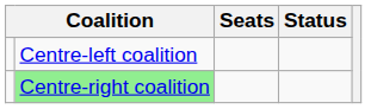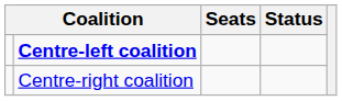 <table class=wikitable>
 <tr>
 <th colspan=2>Coalition</th>
 <th>Seats</th>
 <th>Status</th>
 <th rowspan=4></th>
 </tr>
 <tr>
 <td style="color:inherit;background:"></td>
-<td><a href='#'>Centre-left coalition</a></td>
+<td><strong><a href='#'>Centre-left coalition</a></strong></td>
 <td></td>
 <td></td>
 </tr>
 <tr>
 <td style="color:inherit;background:"></td>
-<td style="background: lightgreen;"><a href='#'>Centre-right coalition</a></td>
+<td><a href='#'>Centre-right coalition</a></td>
 <td></td>
 <td></td>
 </tr>
 </table>
